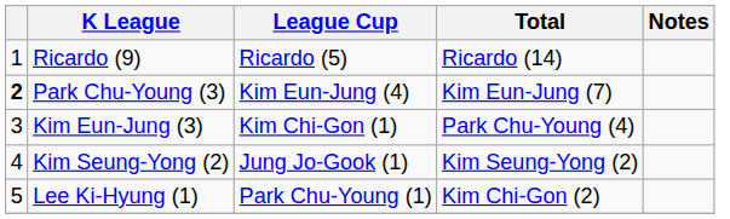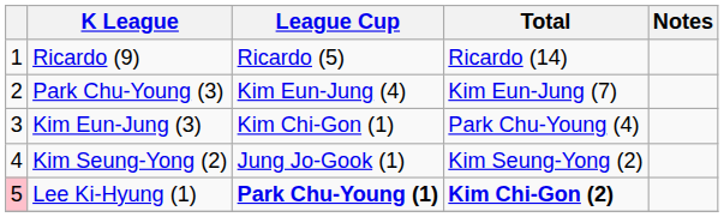 <table class="wikitable" style="text-align:center">
 <tr>
 <th></th>
 <th><a href='#'>K League</a></th>
 <th><a href='#'>League Cup</a></th>
 <th>Total</th>
 <th>Notes</th>
 </tr>
 <tr>
 <td>1</td>
 <td align=left> <a href='#'>Ricardo</a> (9)</td>
 <td align=left> <a href='#'>Ricardo</a> (5)</td>
 <td align=left> <a href='#'>Ricardo</a> (14)</td>
 <td></td>
 </tr>
 <tr>
-<td><strong>2</strong></td>
+<td>2</td>
 <td align=left> <a href='#'>Park Chu-Young</a> (3)</td>
 <td align=left> <a href='#'>Kim Eun-Jung</a> (4)</td>
 <td align=left> <a href='#'>Kim Eun-Jung</a> (7)</td>
 <td></td>
 </tr>
 <tr>
 <td>3</td>
 <td align=left> <a href='#'>Kim Eun-Jung</a> (3)</td>
 <td align=left> <a href='#'>Kim Chi-Gon</a> (1)</td>
 <td align=left> <a href='#'>Park Chu-Young</a> (4)</td>
 <td></td>
 </tr>
 <tr>
 <td>4</td>
 <td align=left> <a href='#'>Kim Seung-Yong</a> (2)</td>
 <td align=left> <a href='#'>Jung Jo-Gook</a> (1)</td>
 <td align=left> <a href='#'>Kim Seung-Yong</a> (2)</td>
 <td></td>
 </tr>
 <tr>
-<td>5</td>
+<td style="background: pink;">5</td>
 <td align=left> <a href='#'>Lee Ki-Hyung</a> (1)</td>
-<td align=left> <a href='#'>Park Chu-Young</a> (1)</td>
-<td align=left> <a href='#'>Kim Chi-Gon</a> (2)</td>
+<td align=left><strong> <a href='#'>Park Chu-Young</a> (1)</strong></td>
+<td align=left><strong> <a href='#'>Kim Chi-Gon</a> (2)</strong></td>
 <td></td>
 </tr>
 <tr>
 </tr>
 </table>
